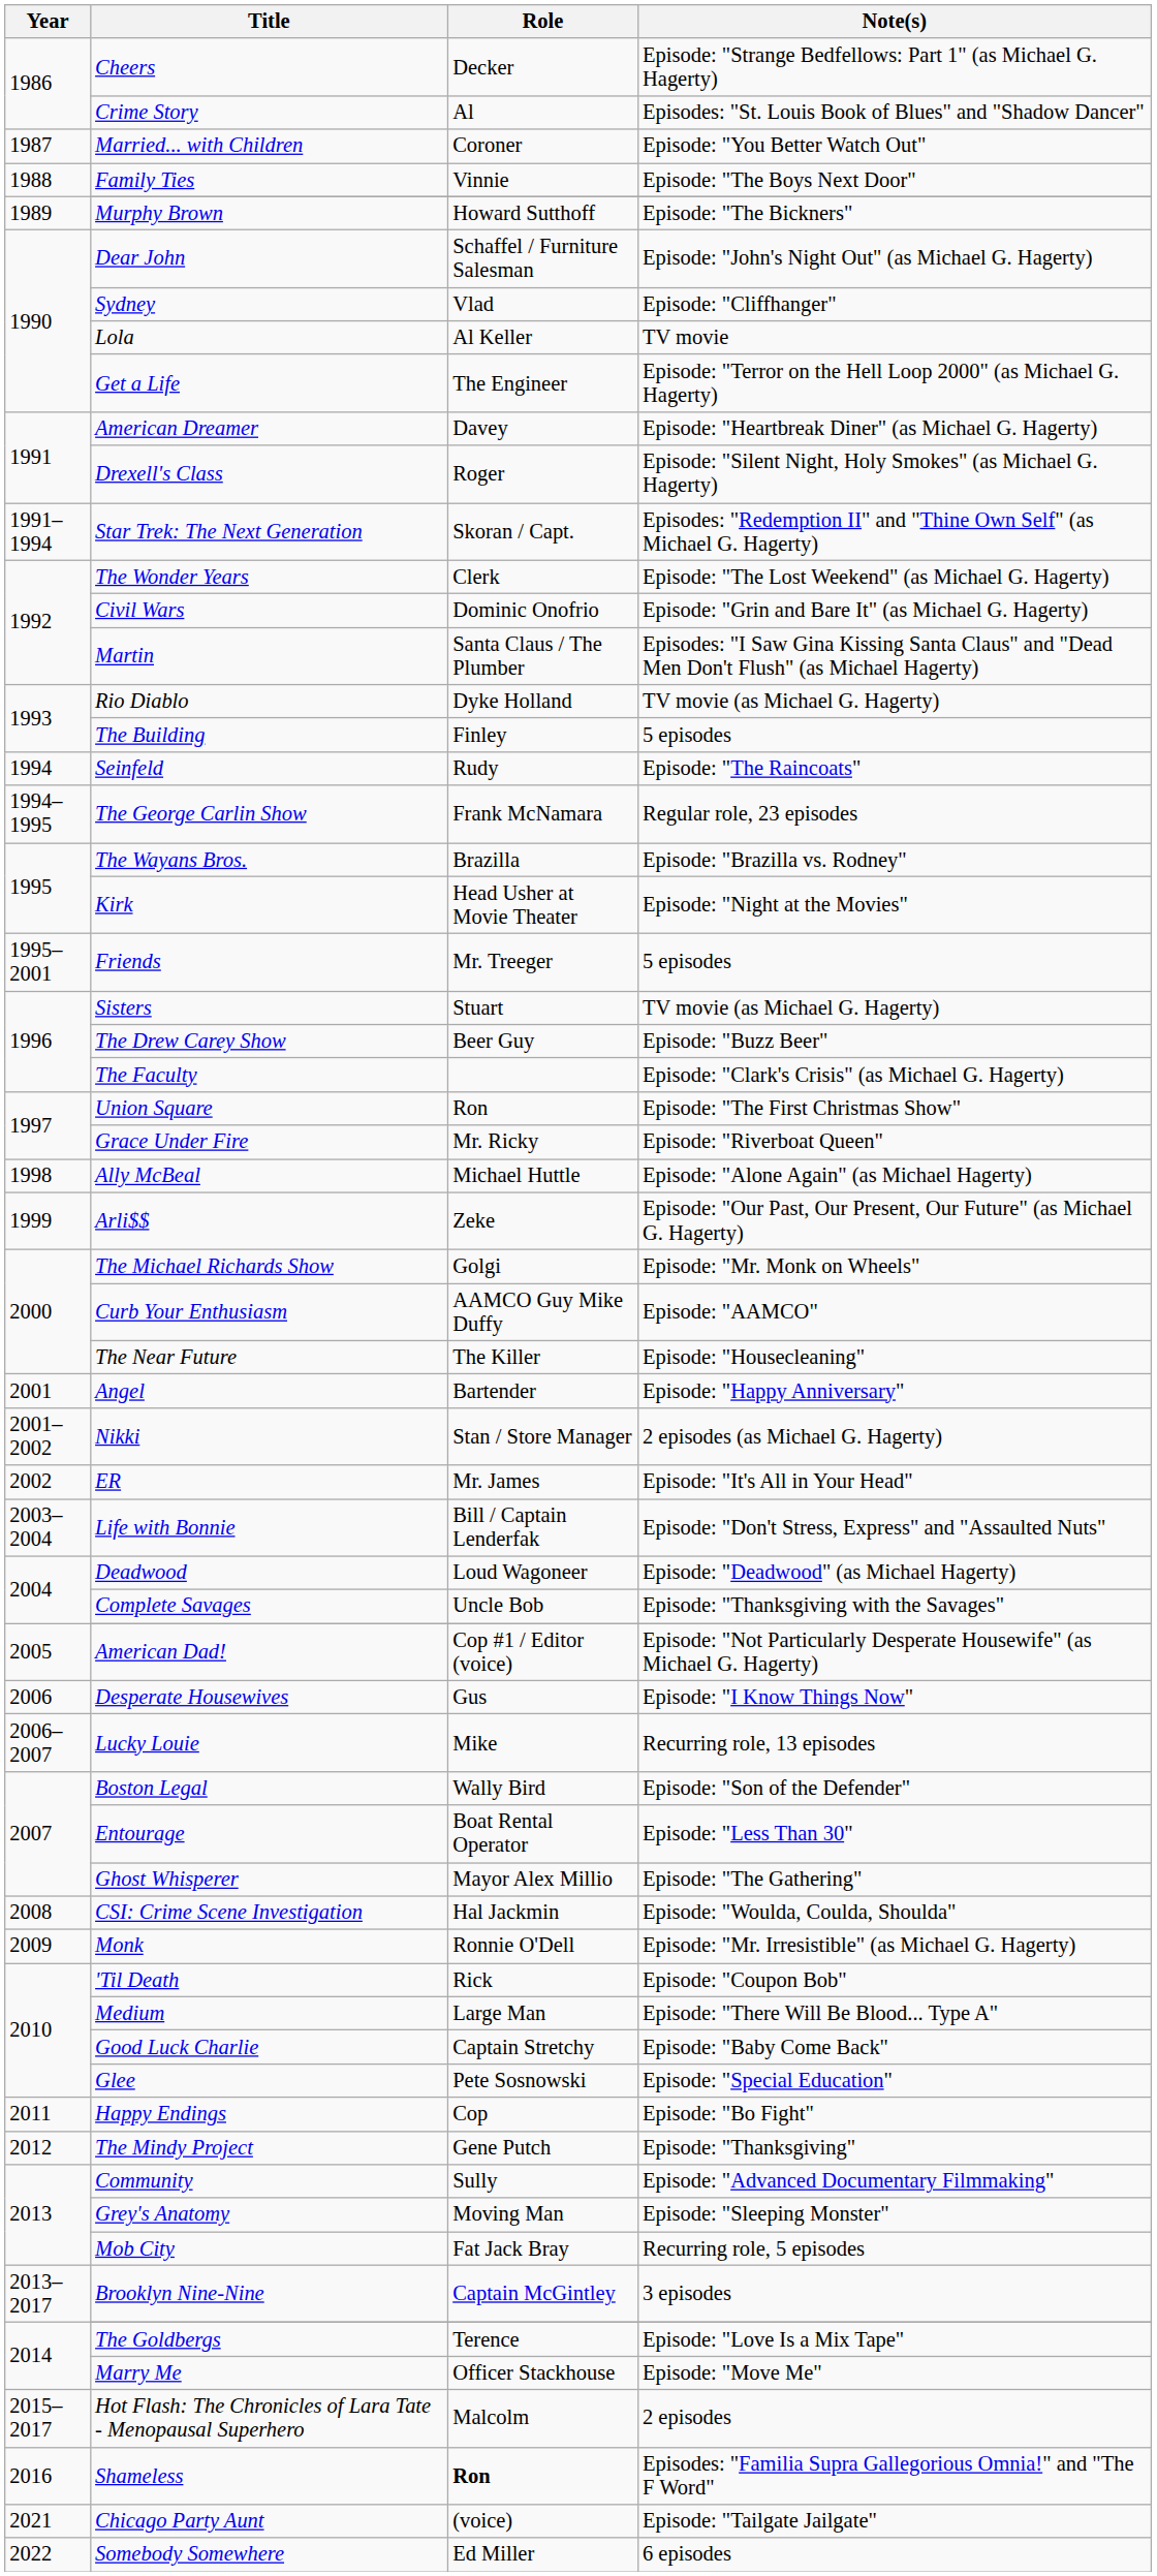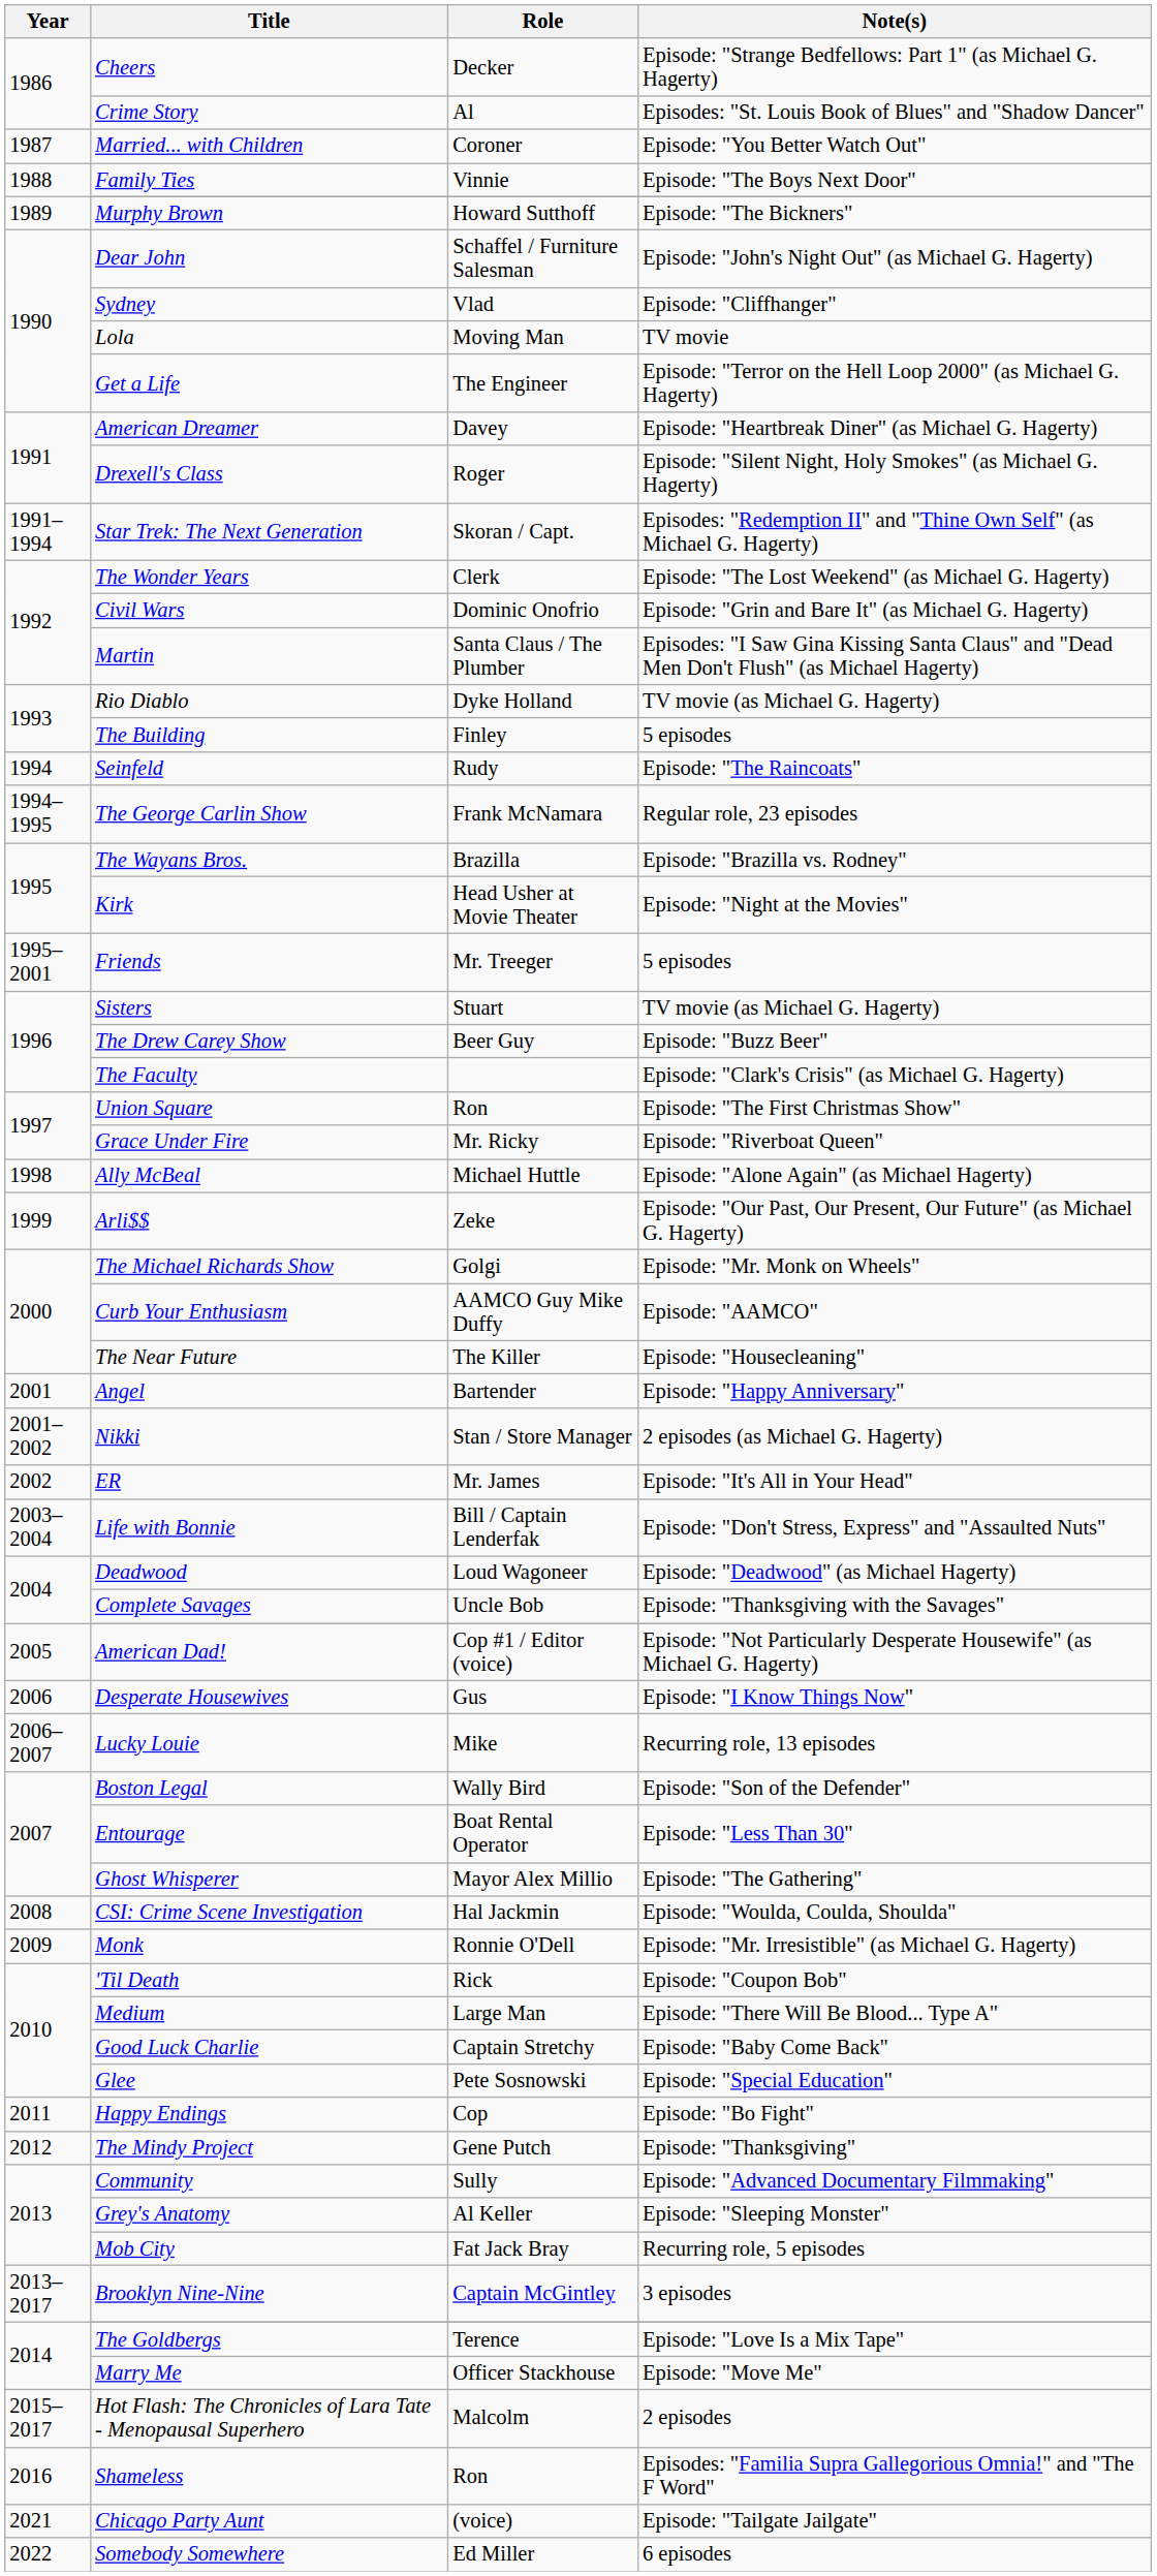 <table class="wikitable sortable">
 <tr>
 <th>Year</th>
 <th>Title</th>
 <th>Role</th>
 <th>Note(s)</th>
 </tr>
 <tr>
 <td rowspan="2">1986</td>
 <td><em><a href='#'>Cheers</a></em></td>
 <td>Decker</td>
 <td>Episode: "Strange Bedfellows: Part 1" (as Michael G. Hagerty)</td>
 </tr>
 <tr>
 <td><em><a href='#'>Crime Story</a></em></td>
 <td>Al</td>
 <td>Episodes: "St. Louis Book of Blues" and "Shadow Dancer"</td>
 </tr>
 <tr>
 <td>1987</td>
 <td><em><a href='#'>Married... with Children</a></em></td>
 <td>Coroner</td>
 <td>Episode: "You Better Watch Out"</td>
 </tr>
 <tr>
 <td>1988</td>
 <td><em><a href='#'>Family Ties</a></em></td>
 <td>Vinnie</td>
 <td>Episode: "The Boys Next Door"</td>
 </tr>
 <tr>
 <td rowspan="2">1989<br> </td>
 </tr>
 <tr>
 <td><em><a href='#'>Murphy Brown</a></em></td>
 <td>Howard Sutthoff</td>
 <td>Episode: "The Bickners"</td>
 </tr>
 <tr>
 <td rowspan="4">1990</td>
 <td><em><a href='#'>Dear John</a></em></td>
 <td>Schaffel / Furniture Salesman</td>
 <td>Episode: "John's Night Out" (as Michael G. Hagerty)</td>
 </tr>
 <tr>
 <td><em><a href='#'>Sydney</a></em></td>
 <td>Vlad</td>
 <td>Episode: "Cliffhanger"</td>
 </tr>
 <tr>
 <td><em>Lola</em></td>
-<td>Al Keller</td>
+<td>Moving Man</td>
 <td>TV movie</td>
 </tr>
 <tr>
 <td><em><a href='#'>Get a Life</a></em></td>
 <td>The Engineer</td>
 <td>Episode: "Terror on the Hell Loop 2000" (as Michael G. Hagerty)</td>
 </tr>
 <tr>
 <td rowspan="2">1991</td>
 <td><em><a href='#'>American Dreamer</a></em></td>
 <td>Davey</td>
 <td>Episode: "Heartbreak Diner" (as Michael G. Hagerty)<br></td>
 </tr>
 <tr>
 <td><em><a href='#'>Drexell's Class</a></em></td>
 <td>Roger</td>
 <td>Episode: "Silent Night, Holy Smokes" (as Michael G. Hagerty)</td>
 </tr>
 <tr>
 <td>1991–1994</td>
 <td><em><a href='#'>Star Trek: The Next Generation</a></em></td>
 <td>Skoran / Capt. </td>
 <td>Episodes: "<a href='#'>Redemption II</a>" and "<a href='#'>Thine Own Self</a>" (as Michael G. Hagerty)</td>
 </tr>
 <tr>
 <td rowspan="3">1992</td>
 <td><em><a href='#'>The Wonder Years</a></em></td>
 <td>Clerk</td>
 <td>Episode: "The Lost Weekend" (as Michael G. Hagerty)<br></td>
 </tr>
 <tr>
 <td><em><a href='#'>Civil Wars</a></em></td>
 <td>Dominic Onofrio</td>
 <td>Episode: "Grin and Bare It" (as Michael G. Hagerty)</td>
 </tr>
 <tr>
 <td><em><a href='#'>Martin</a></em></td>
 <td>Santa Claus / The Plumber</td>
 <td>Episodes: "I Saw Gina Kissing Santa Claus" and "Dead Men Don't Flush" (as Michael Hagerty)</td>
 </tr>
 <tr>
 <td rowspan="2">1993</td>
 <td><em>Rio Diablo</em></td>
 <td>Dyke Holland</td>
 <td>TV movie (as Michael G. Hagerty)</td>
 </tr>
 <tr>
 <td><em><a href='#'>The Building</a></em></td>
 <td>Finley</td>
 <td>5 episodes</td>
 </tr>
 <tr>
 <td>1994</td>
 <td><em><a href='#'>Seinfeld</a></em></td>
 <td>Rudy</td>
 <td>Episode: "<a href='#'>The Raincoats</a>"</td>
 </tr>
 <tr>
 <td>1994–1995</td>
 <td><em><a href='#'>The George Carlin Show</a></em></td>
 <td>Frank McNamara</td>
 <td>Regular role, 23 episodes</td>
 </tr>
 <tr>
 <td rowspan="2">1995</td>
 <td><em><a href='#'>The Wayans Bros.</a></em></td>
 <td>Brazilla</td>
 <td>Episode: "Brazilla vs. Rodney"</td>
 </tr>
 <tr>
 <td><em><a href='#'>Kirk</a></em></td>
 <td>Head Usher at Movie Theater</td>
 <td>Episode: "Night at the Movies"</td>
 </tr>
 <tr>
 <td>1995–2001</td>
 <td><em><a href='#'>Friends</a></em></td>
 <td>Mr. Treeger</td>
 <td>5 episodes</td>
 </tr>
 <tr>
 <td rowspan="3">1996</td>
 <td><em><a href='#'>Sisters</a></em></td>
 <td>Stuart</td>
 <td>TV movie (as Michael G. Hagerty)</td>
 </tr>
 <tr>
 <td><em><a href='#'>The Drew Carey Show</a></em></td>
 <td>Beer Guy</td>
 <td>Episode: "Buzz Beer"</td>
 </tr>
 <tr>
 <td><em><a href='#'>The Faculty</a></em></td>
 <td></td>
 <td>Episode: "Clark's Crisis" (as Michael G. Hagerty)</td>
 </tr>
 <tr>
 <td rowspan="2">1997</td>
 <td><em><a href='#'>Union Square</a></em></td>
 <td>Ron</td>
 <td>Episode: "The First Christmas Show"</td>
 </tr>
 <tr>
 <td><em><a href='#'>Grace Under Fire</a></em></td>
 <td>Mr. Ricky</td>
 <td>Episode: "Riverboat Queen"</td>
 </tr>
 <tr>
 <td>1998</td>
 <td><em><a href='#'>Ally McBeal</a></em></td>
 <td>Michael Huttle</td>
 <td>Episode: "Alone Again" (as Michael Hagerty)</td>
 </tr>
 <tr>
 <td>1999</td>
 <td><em><a href='#'>Arli$$</a></em></td>
 <td>Zeke</td>
 <td>Episode: "Our Past, Our Present, Our Future" (as Michael G. Hagerty)</td>
 </tr>
 <tr>
 <td rowspan="3">2000</td>
 <td><em><a href='#'>The Michael Richards Show</a></em></td>
 <td>Golgi</td>
 <td>Episode: "Mr. Monk on Wheels"<br></td>
 </tr>
 <tr>
 <td><em><a href='#'>Curb Your Enthusiasm</a></em></td>
 <td>AAMCO Guy Mike Duffy</td>
 <td>Episode: "AAMCO"</td>
 </tr>
 <tr>
 <td><em>The Near Future</em></td>
 <td>The Killer</td>
 <td>Episode: "Housecleaning"</td>
 </tr>
 <tr>
 <td rowspan="1">2001</td>
 <td><em><a href='#'>Angel</a></em></td>
 <td>Bartender</td>
 <td>Episode: "<a href='#'>Happy Anniversary</a>"<br></td>
 </tr>
 <tr>
 <td>2001–2002</td>
 <td><em><a href='#'>Nikki</a></em></td>
 <td>Stan / Store Manager</td>
 <td>2 episodes (as Michael G. Hagerty)</td>
 </tr>
 <tr>
 <td>2002</td>
 <td><em><a href='#'>ER</a></em></td>
 <td>Mr. James</td>
 <td>Episode: "It's All in Your Head"</td>
 </tr>
 <tr>
 <td>2003–2004</td>
 <td><em><a href='#'>Life with Bonnie</a></em></td>
 <td>Bill / Captain Lenderfak</td>
 <td>Episode: "Don't Stress, Express" and "Assaulted Nuts"</td>
 </tr>
 <tr>
 <td rowspan="2">2004</td>
 <td><em><a href='#'>Deadwood</a></em></td>
 <td>Loud Wagoneer</td>
 <td>Episode: "<a href='#'>Deadwood</a>" (as Michael Hagerty)</td>
 </tr>
 <tr>
 <td><em><a href='#'>Complete Savages</a></em></td>
 <td>Uncle Bob</td>
 <td>Episode: "Thanksgiving with the Savages"</td>
 </tr>
 <tr>
 <td rowspan="2">2005<br></td>
 </tr>
 <tr>
 <td><em><a href='#'>American Dad!</a></em></td>
 <td>Cop #1 / Editor (voice)</td>
 <td>Episode: "Not Particularly Desperate Housewife" (as Michael G. Hagerty)</td>
 </tr>
 <tr>
 <td>2006</td>
 <td><em><a href='#'>Desperate Housewives</a></em></td>
 <td>Gus</td>
 <td>Episode: "<a href='#'>I Know Things Now</a>"</td>
 </tr>
 <tr>
 <td>2006–2007</td>
 <td><em><a href='#'>Lucky Louie</a></em></td>
 <td>Mike</td>
 <td>Recurring role, 13 episodes</td>
 </tr>
 <tr>
 <td rowspan="3">2007</td>
 <td><em><a href='#'>Boston Legal</a></em></td>
 <td>Wally Bird</td>
 <td>Episode: "Son of the Defender"</td>
 </tr>
 <tr>
 <td><em><a href='#'>Entourage</a></em></td>
 <td>Boat Rental Operator</td>
 <td>Episode: "<a href='#'>Less Than 30</a>"</td>
 </tr>
 <tr>
 <td><em><a href='#'>Ghost Whisperer</a></em></td>
 <td>Mayor Alex Millio</td>
 <td>Episode: "The Gathering"</td>
 </tr>
 <tr>
 <td>2008</td>
 <td><em><a href='#'>CSI: Crime Scene Investigation</a></em></td>
 <td>Hal Jackmin</td>
 <td>Episode: "Woulda, Coulda, Shoulda"</td>
 </tr>
 <tr>
 <td rowspan="1">2009</td>
 <td><em><a href='#'>Monk</a></em></td>
 <td>Ronnie O'Dell</td>
 <td>Episode: "Mr. Irresistible" (as Michael G. Hagerty)</td>
 </tr>
 <tr>
 <td rowspan="4">2010</td>
 <td><em><a href='#'>'Til Death</a></em></td>
 <td>Rick</td>
 <td>Episode: "Coupon Bob"</td>
 </tr>
 <tr>
 <td><em><a href='#'>Medium</a></em></td>
 <td>Large Man</td>
 <td>Episode: "There Will Be Blood... Type A"</td>
 </tr>
 <tr>
 <td><em><a href='#'>Good Luck Charlie</a></em></td>
 <td>Captain Stretchy</td>
 <td>Episode: "Baby Come Back"</td>
 </tr>
 <tr>
 <td><em><a href='#'>Glee</a></em></td>
 <td>Pete Sosnowski</td>
 <td>Episode: "<a href='#'>Special Education</a>"</td>
 </tr>
 <tr>
 <td rowspan="1">2011</td>
 <td><em><a href='#'>Happy Endings</a></em></td>
 <td>Cop</td>
 <td>Episode: "Bo Fight"<br></td>
 </tr>
 <tr>
 <td>2012</td>
 <td><em><a href='#'>The Mindy Project</a></em></td>
 <td>Gene Putch</td>
 <td>Episode: "Thanksgiving"</td>
 </tr>
 <tr>
 <td rowspan="3">2013</td>
 <td><em><a href='#'>Community</a></em></td>
 <td>Sully</td>
 <td>Episode: "<a href='#'>Advanced Documentary Filmmaking</a>"</td>
 </tr>
 <tr>
 <td><em><a href='#'>Grey's Anatomy</a></em></td>
-<td>Moving Man</td>
+<td>Al Keller</td>
 <td>Episode: "Sleeping Monster"</td>
 </tr>
 <tr>
 <td><em><a href='#'>Mob City</a></em></td>
 <td>Fat Jack Bray</td>
 <td>Recurring role, 5 episodes</td>
 </tr>
 <tr>
 <td>2013–2017</td>
 <td><em><a href='#'>Brooklyn Nine-Nine</a></em></td>
 <td><a href='#'>Captain McGintley</a></td>
 <td>3 episodes</td>
 </tr>
 <tr>
 <td rowspan="3">2014<br></td>
 </tr>
 <tr>
 <td><em><a href='#'>The Goldbergs</a></em></td>
 <td>Terence</td>
 <td>Episode: "Love Is a Mix Tape"</td>
 </tr>
 <tr>
 <td><em><a href='#'>Marry Me</a></em></td>
 <td>Officer Stackhouse</td>
 <td>Episode: "Move Me"</td>
 </tr>
 <tr>
 <td>2015–2017</td>
 <td><em>Hot Flash: The Chronicles of Lara Tate - Menopausal Superhero</em></td>
 <td>Malcolm</td>
 <td>2 episodes</td>
 </tr>
 <tr>
 <td>2016</td>
 <td><em><a href='#'>Shameless</a></em></td>
-<td><strong>Ron</strong></td>
+<td>Ron</td>
 <td>Episodes: "<a href='#'>Familia Supra Gallegorious Omnia!</a>" and "The F Word"</td>
 </tr>
 <tr>
 <td>2021</td>
 <td><em><a href='#'>Chicago Party Aunt</a></em></td>
 <td>(voice)</td>
 <td>Episode: "Tailgate Jailgate"</td>
 </tr>
 <tr>
 <td>2022</td>
 <td><em><a href='#'>Somebody Somewhere</a></em></td>
 <td>Ed Miller</td>
 <td>6 episodes</td>
 </tr>
 </table>
